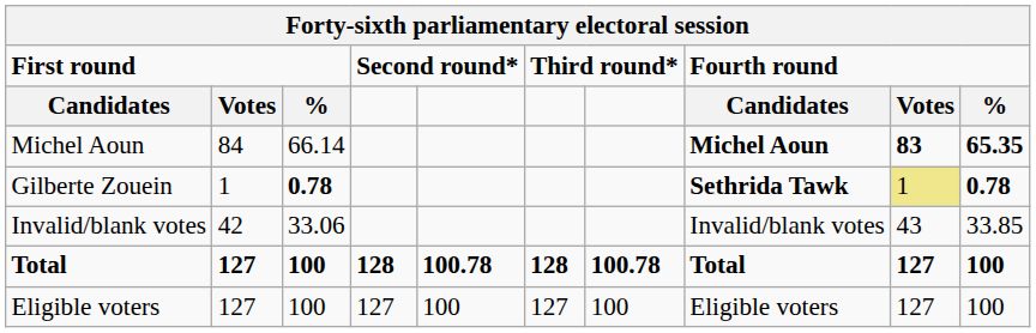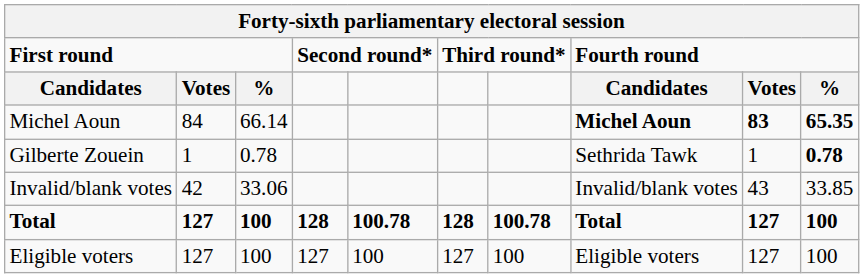 <table class="wikitable">
 <tr>
 <th colspan="10">Forty-sixth parliamentary electoral session</th>
 </tr>
 <tr>
 <td colspan="3"><strong>First round</strong></td>
 <td colspan="2"><strong>Second round*</strong></td>
 <td colspan="2"><strong>Third round*</strong></td>
 <td colspan="3"><strong>Fourth round</strong></td>
 </tr>
 <tr>
 <th>Candidates</th>
 <th>Votes</th>
 <th>%</th>
 <td></td>
 <td></td>
 <td></td>
 <td></td>
 <th>Candidates</th>
 <th>Votes</th>
 <th>%</th>
 </tr>
 <tr>
 <td>Michel Aoun</td>
 <td>84</td>
 <td>66.14</td>
 <td></td>
 <td></td>
 <td></td>
 <td></td>
 <td><strong>Michel Aoun</strong></td>
 <td><strong>83</strong></td>
 <td><strong>65.35</strong></td>
 </tr>
 <tr>
 <td>Gilberte Zouein</td>
 <td>1</td>
-<td><strong>0.78</strong></td>
+<td>0.78</td>
 <td></td>
 <td></td>
 <td></td>
 <td></td>
-<td><strong>Sethrida Tawk</strong></td>
-<td style="background: khaki;">1</td>
+<td>Sethrida Tawk</td>
+<td>1</td>
 <td><strong>0.78</strong></td>
 </tr>
 <tr>
 <td>Invalid/blank votes</td>
 <td>42</td>
 <td>33.06</td>
 <td></td>
 <td></td>
 <td></td>
 <td></td>
 <td>Invalid/blank votes</td>
 <td>43</td>
 <td>33.85</td>
 </tr>
 <tr>
 <td><strong>Total</strong></td>
 <td><strong>127</strong></td>
 <td><strong>100</strong></td>
 <td><strong>128</strong></td>
 <td><strong>100.78</strong></td>
 <td><strong>128</strong></td>
 <td><strong>100.78</strong></td>
 <td><strong>Total</strong></td>
 <td><strong>127</strong></td>
 <td><strong>100</strong></td>
 </tr>
 <tr>
 <td>Eligible voters</td>
 <td>127</td>
 <td>100</td>
 <td>127</td>
 <td>100</td>
 <td>127</td>
 <td>100</td>
 <td>Eligible voters</td>
 <td>127</td>
 <td>100</td>
 </tr>
 </table>
